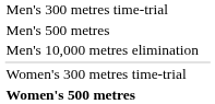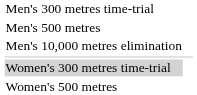 <table>
 <tr>
 <td>Men's 300 metres time-trial<br></td>
 <td></td>
 <td></td>
 <td></td>
 </tr>
 <tr>
 <td>Men's 500 metres<br></td>
 <td></td>
 <td></td>
 <td></td>
 </tr>
 <tr>
 <td>Men's 10,000 metres elimination<br></td>
 <td></td>
 <td></td>
 <td></td>
 </tr>
 <tr bgcolor=#DDDDDD>
 <td colspan=7></td>
 </tr>
 <tr>
-<td>Women's 300 metres time-trial<br></td>
+<td style="background: lightgrey;">Women's 300 metres time-trial<br></td>
 <td></td>
 <td></td>
 <td></td>
 </tr>
 <tr>
-<td><strong>Women's 500 metres<br></strong></td>
+<td>Women's 500 metres<br></td>
 <td></td>
 <td></td>
 <td></td>
 </tr>
 <tr>
 <td><br></td>
 <td></td>
 <td></td>
 <td></td>
 </tr>
 </table>
